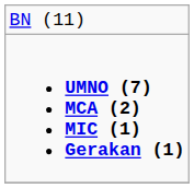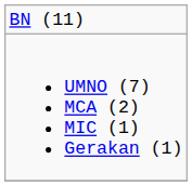 <table class="wikitable">
 <tr>
 <td> <a href='#'>BN</a> (11)</td>
 </tr>
 <tr>
-<td><strong><br><ul><li> <a href='#'>UMNO</a> (7)</li><li> <a href='#'>MCA</a> (2)</li><li> <a href='#'>MIC</a> (1)</li><li> <a href='#'>Gerakan</a> (1)</li></ul></strong></td>
+<td><br><ul><li> <a href='#'>UMNO</a> (7)</li><li> <a href='#'>MCA</a> (2)</li><li> <a href='#'>MIC</a> (1)</li><li> <a href='#'>Gerakan</a> (1)</li></ul></td>
 </tr>
 <tr>
 </tr>
 </table>
